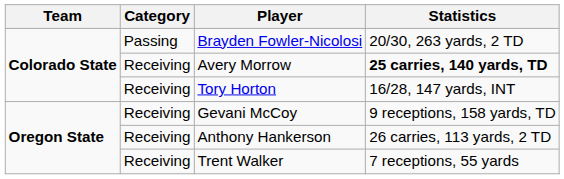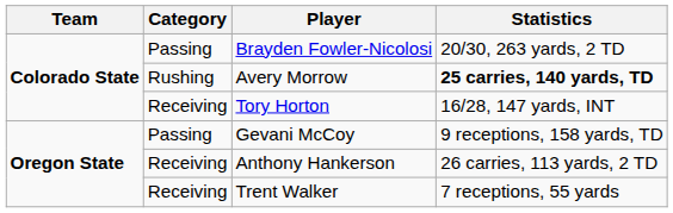 <table class="wikitable" style="float: right;">
 <tr>
 <th>Team</th>
 <th>Category</th>
 <th>Player</th>
 <th>Statistics</th>
 </tr>
 <tr>
 <td rowspan=3><strong>Colorado State</strong></td>
 <td>Passing</td>
 <td><a href='#'>Brayden Fowler-Nicolosi</a></td>
 <td>20/30, 263 yards, 2 TD</td>
 </tr>
 <tr>
-<td>Receiving</td>
+<td>Rushing</td>
 <td>Avery Morrow</td>
 <td><strong>25 carries, 140 yards, TD</strong></td>
 </tr>
 <tr>
 <td>Receiving</td>
 <td><a href='#'>Tory Horton</a></td>
 <td>16/28, 147 yards, INT</td>
 </tr>
 <tr>
 <td rowspan=3><strong>Oregon State</strong></td>
-<td>Receiving</td>
+<td>Passing</td>
 <td>Gevani McCoy</td>
 <td>9 receptions, 158 yards, TD</td>
 </tr>
 <tr>
 <td>Receiving</td>
 <td>Anthony Hankerson</td>
 <td>26 carries, 113 yards, 2 TD</td>
 </tr>
 <tr>
 <td>Receiving</td>
 <td>Trent Walker</td>
 <td>7 receptions, 55 yards</td>
 </tr>
 </table>
